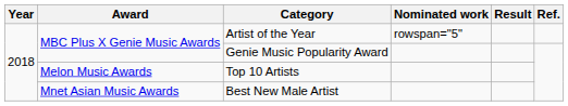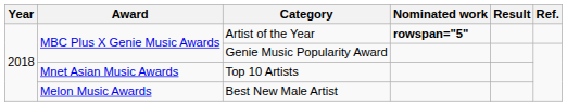 <table class="wikitable sortable">
 <tr>
 <th>Year</th>
 <th>Award</th>
 <th>Category</th>
 <th>Nominated work</th>
 <th>Result</th>
 <th>Ref.</th>
 </tr>
 <tr>
 <td rowspan="5">2018</td>
 <td rowspan="2"><a href='#'>MBC Plus X Genie Music Awards</a></td>
 <td>Artist of the Year</td>
-<td>rowspan="5" </td>
+<td><strong>rowspan="5" </strong></td>
 <td></td>
 <td></td>
 </tr>
 <tr>
 <td>Genie Music Popularity Award</td>
 <td></td>
 <td></td>
 </tr>
 <tr>
-<td><a href='#'>Melon Music Awards</a></td>
+<td><a href='#'>Mnet Asian Music Awards</a></td>
 <td>Top 10 Artists</td>
 <td></td>
 <td></td>
 </tr>
 <tr>
-<td><a href='#'>Mnet Asian Music Awards</a></td>
+<td><a href='#'>Melon Music Awards</a></td>
 <td>Best New Male Artist</td>
 <td></td>
 <td></td>
 </tr>
 </table>
